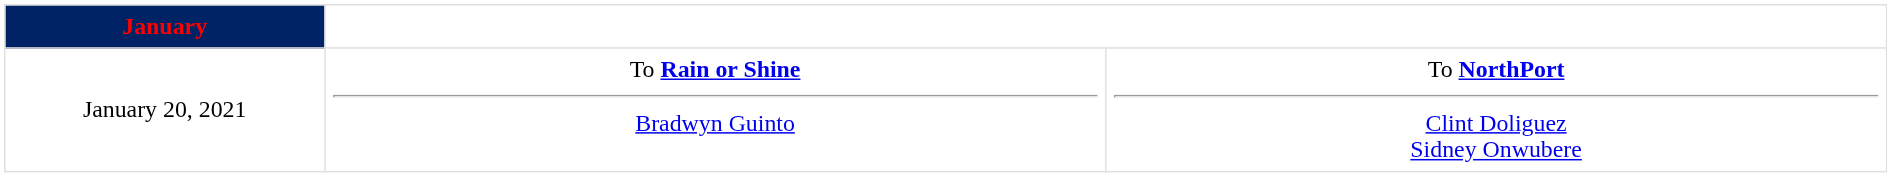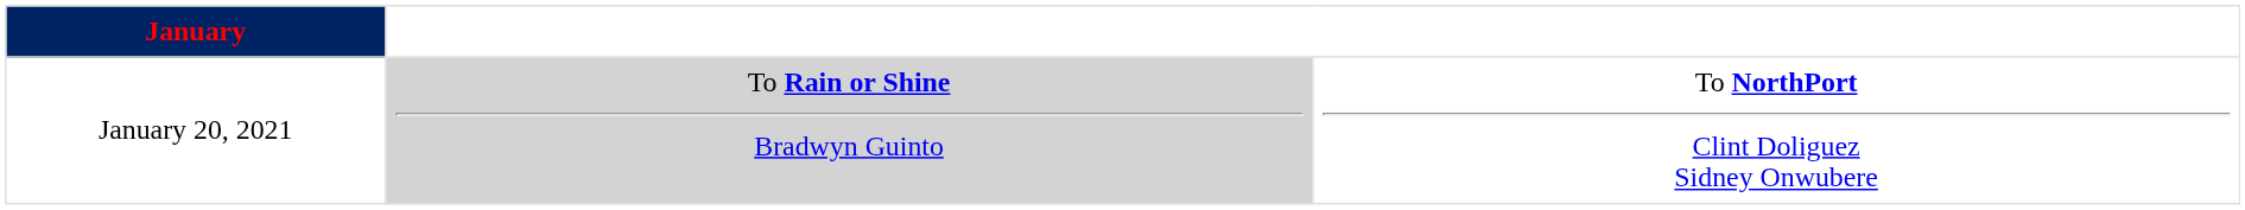 <table border=1 style="border-collapse:collapse; text-align: center; width: 100%" bordercolor="#DFDFDF"  cellpadding="5">
 <tr bgcolor="eeeeee">
 <th style="background:#002366; color:#FE0003; ">January</th>
 </tr>
 <tr>
 <td style="width:12%">January 20, 2021</td>
-<td style="width:29.3%" valign="top">To <strong><a href='#'>Rain or Shine</a></strong><hr><a href='#'>Bradwyn Guinto</a></td>
+<td style="background: lightgrey; width:29.3%" valign="top">To <strong><a href='#'>Rain or Shine</a></strong><hr><a href='#'>Bradwyn Guinto</a></td>
 <td style="width:29.3%" valign="top">To <strong><a href='#'>NorthPort</a></strong><hr><a href='#'>Clint Doliguez</a><br><a href='#'>Sidney Onwubere</a></td>
 </tr>
 </table>
